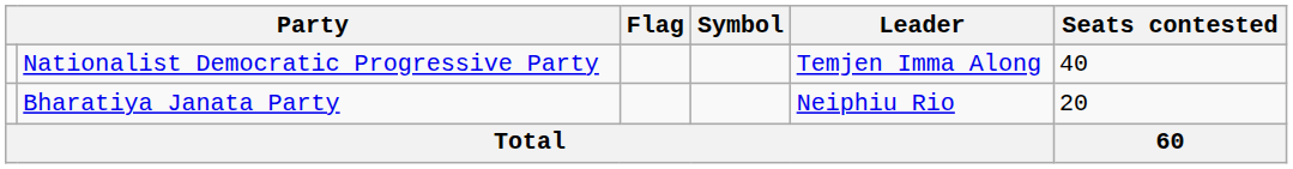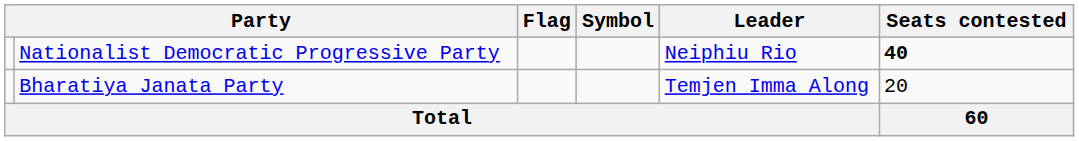 <table class="wikitable"  width="55%">
 <tr>
 <th colspan="2">Party</th>
 <th>Flag</th>
 <th>Symbol</th>
 <th>Leader</th>
 <th>Seats contested</th>
 </tr>
 <tr>
 <td style="text-align:center; background:"></td>
 <td><a href='#'>Nationalist Democratic Progressive Party</a></td>
 <td></td>
 <td></td>
-<td><a href='#'>Temjen Imma Along</a></td>
-<td>40</td>
+<td><a href='#'>Neiphiu Rio</a></td>
+<td><strong>40</strong></td>
 </tr>
 <tr>
 <td style="text-align:center; background:"></td>
 <td><a href='#'>Bharatiya Janata Party</a></td>
 <td></td>
 <td></td>
-<td><a href='#'>Neiphiu Rio</a></td>
+<td><a href='#'>Temjen Imma Along</a></td>
 <td>20</td>
 </tr>
 <tr>
 <th colspan="5">Total</th>
 <th>60</th>
 </tr>
 </table>
